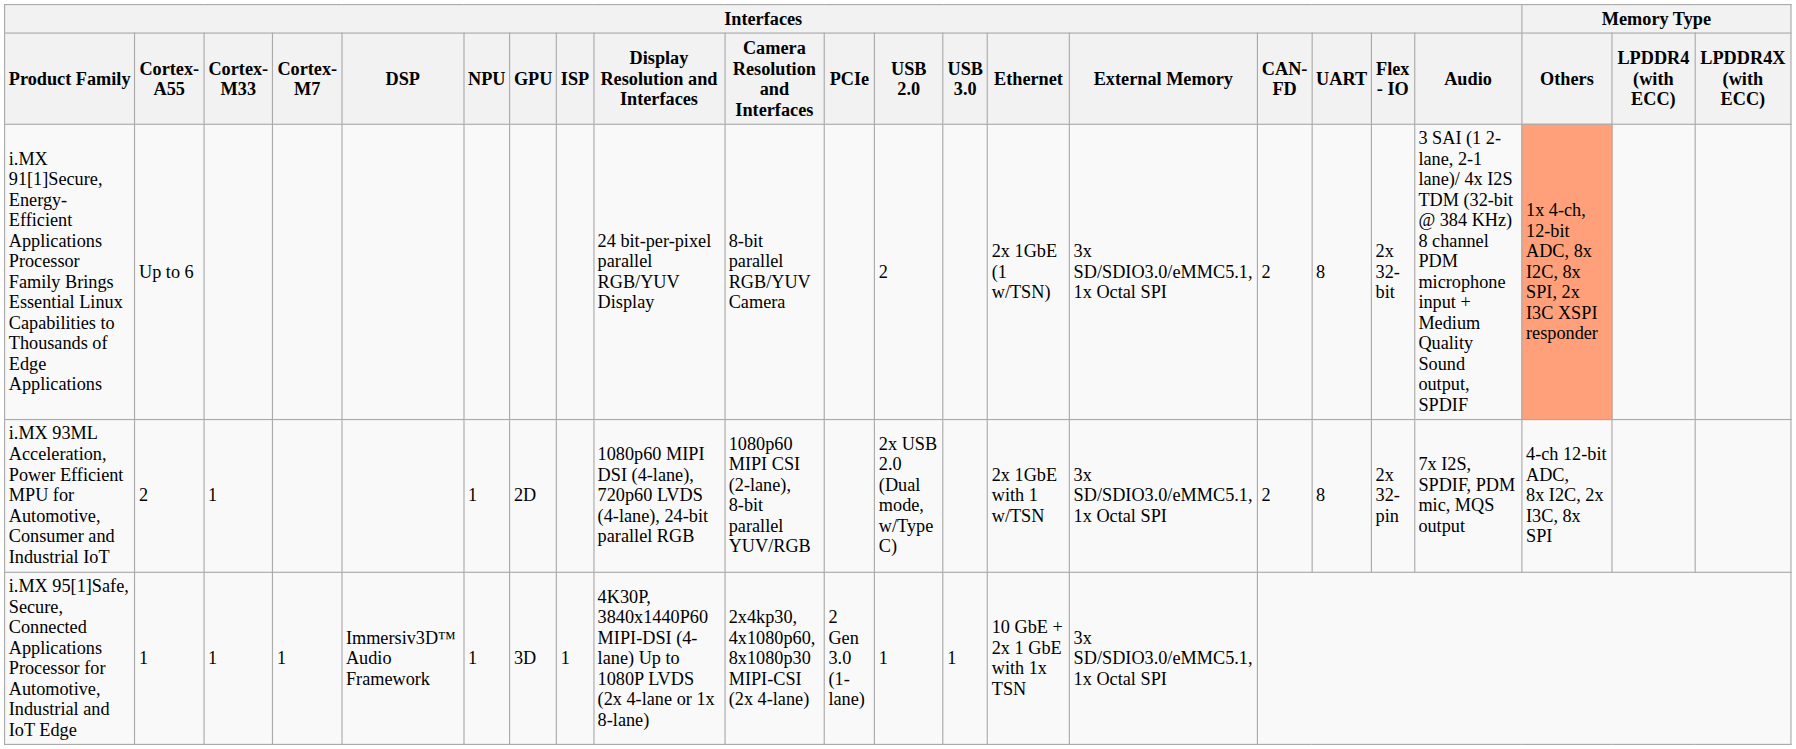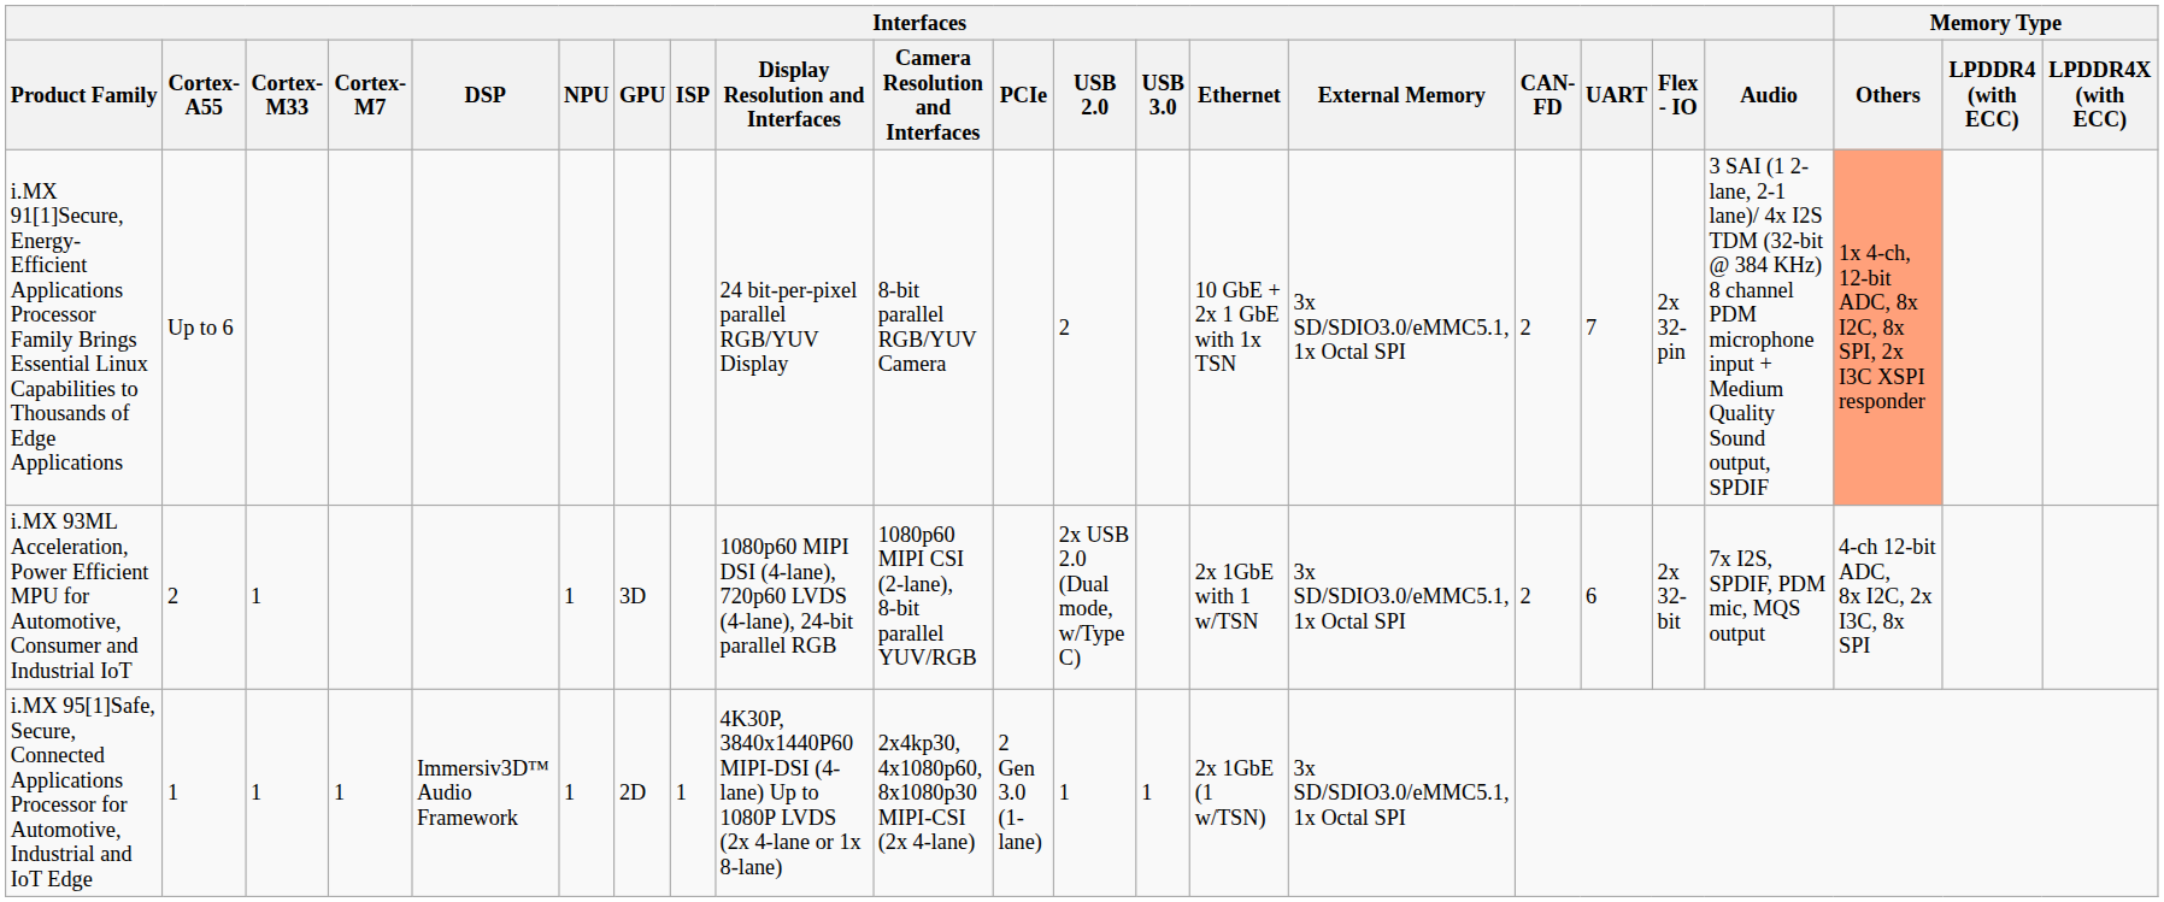 <table class="wikitable">
 <tr>
 <th colspan="19">Interfaces</th>
 <th colspan="3">Memory Type</th>
 </tr>
 <tr>
 <th>Product Family</th>
 <th>Cortex-A55</th>
 <th>Cortex-M33</th>
 <th>Cortex-M7</th>
 <th>DSP</th>
 <th>NPU</th>
 <th>GPU</th>
 <th>ISP</th>
 <th>Display Resolution and Interfaces</th>
 <th>Camera Resolution and Interfaces</th>
 <th>PCIe</th>
 <th>USB 2.0</th>
 <th>USB 3.0</th>
 <th>Ethernet</th>
 <th>External Memory</th>
 <th>CAN-FD</th>
 <th>UART</th>
 <th>Flex - IO</th>
 <th>Audio</th>
 <th>Others</th>
 <th>LPDDR4 (with ECC)</th>
 <th>LPDDR4X (with ECC)</th>
 </tr>
 <tr>
 <td>i.MX 91[1]Secure, Energy-Efficient Applications Processor Family Brings Essential Linux Capabilities to Thousands of Edge Applications</td>
 <td>Up to 6</td>
 <td></td>
 <td></td>
 <td></td>
 <td></td>
 <td></td>
 <td></td>
 <td>24 bit-per-pixel parallel RGB/YUV Display</td>
 <td>8-bit parallel RGB/YUV Camera</td>
 <td></td>
 <td>2</td>
 <td></td>
-<td>2x 1GbE (1 w/TSN)</td>
+<td>10 GbE + 2x 1 GbE with 1x TSN</td>
 <td>3x SD/SDIO3.0/eMMC5.1,<br>1x Octal SPI</td>
 <td>2</td>
-<td>8</td>
-<td>2x 32-bit</td>
+<td>7</td>
+<td>2x 32-pin</td>
 <td>3 SAI (1 2-lane, 2-1 lane)/ 4x I2S TDM (32-bit @ 384 KHz)<br>8 channel PDM microphone input + Medium Quality Sound output, SPDIF</td>
 <td style="background: lightsalmon;">1x 4-ch, 12-bit ADC, 8x I2C, 8x SPI, 2x I3C XSPI responder</td>
 <td></td>
 <td></td>
 </tr>
 <tr>
 <td>i.MX 93ML Acceleration, Power Efficient MPU for Automotive, Consumer and Industrial IoT</td>
 <td>2</td>
 <td>1</td>
 <td></td>
 <td></td>
 <td>1</td>
-<td>2D</td>
+<td>3D</td>
 <td></td>
 <td>1080p60 MIPI DSI (4-lane),<br>720p60 LVDS (4-lane), 24-bit parallel RGB</td>
 <td>1080p60 MIPI CSI (2-lane),<br>8-bit parallel YUV/RGB</td>
 <td></td>
 <td>2x USB 2.0 (Dual mode, w/Type C)</td>
 <td></td>
 <td>2x 1GbE with 1 w/TSN</td>
 <td>3x SD/SDIO3.0/eMMC5.1,<br>1x Octal SPI</td>
 <td>2</td>
-<td>8</td>
-<td>2x 32-pin</td>
+<td>6</td>
+<td>2x 32-bit</td>
 <td>7x I2S, SPDIF, PDM mic, MQS output</td>
 <td>4-ch 12-bit ADC,<br>8x I2C, 2x I3C, 8x SPI</td>
 <td></td>
 <td></td>
 </tr>
 <tr>
 <td>i.MX 95[1]Safe, Secure, Connected Applications Processor for Automotive, Industrial and IoT Edge</td>
 <td>1</td>
 <td>1</td>
 <td>1</td>
 <td>Immersiv3D™ Audio Framework</td>
 <td>1</td>
-<td>3D</td>
+<td>2D</td>
 <td>1</td>
 <td>4K30P,<br>3840x1440P60 MIPI-DSI (4-lane) Up to 1080P LVDS (2x 4-lane or 1x 8-lane)</td>
 <td>2x4kp30, 4x1080p60,<br>8x1080p30 MIPI-CSI (2x 4-lane)</td>
 <td>2 Gen 3.0 (1-lane)</td>
 <td>1</td>
 <td>1</td>
-<td>10 GbE + 2x 1 GbE with 1x TSN</td>
+<td>2x 1GbE (1 w/TSN)</td>
 <td>3x SD/SDIO3.0/eMMC5.1,<br>1x Octal SPI</td>
 </tr>
 </table>
